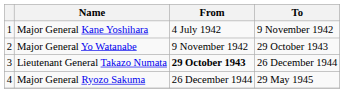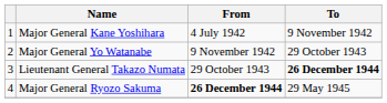 <table class=wikitable>
 <tr>
 <th></th>
 <th>Name</th>
 <th>From</th>
 <th>To</th>
 </tr>
 <tr>
 <td>1</td>
 <td>Major General <a href='#'>Kane Yoshihara</a></td>
 <td>4 July 1942</td>
 <td>9 November 1942</td>
 </tr>
 <tr>
 <td>2</td>
 <td>Major General <a href='#'>Yo Watanabe</a></td>
 <td>9 November 1942</td>
 <td>29 October 1943</td>
 </tr>
 <tr>
 <td>3</td>
 <td>Lieutenant General <a href='#'>Takazo Numata</a></td>
-<td><strong>29 October 1943</strong></td>
-<td>26 December 1944</td>
+<td>29 October 1943</td>
+<td><strong>26 December 1944</strong></td>
 </tr>
 <tr>
 <td>4</td>
 <td>Major General <a href='#'>Ryozo Sakuma</a></td>
-<td>26 December 1944</td>
+<td><strong>26 December 1944</strong></td>
 <td>29 May 1945</td>
 </tr>
 <tr>
 </tr>
 </table>
